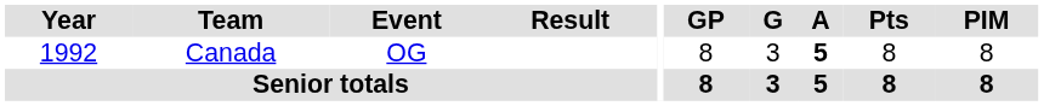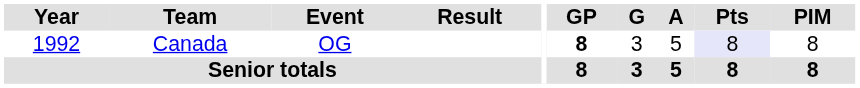 <table border="0" cellpadding="1" cellspacing="0" ID="Table3" style="text-align:center; width:40em">
 <tr ALIGN="center" bgcolor="#e0e0e0">
 <th>Year</th>
 <th>Team</th>
 <th>Event</th>
 <th>Result</th>
 <th rowspan="99" bgcolor="#ffffff"></th>
 <th>GP</th>
 <th>G</th>
 <th>A</th>
 <th>Pts</th>
 <th>PIM</th>
 </tr>
 <tr>
 <td><a href='#'>1992</a></td>
 <td><a href='#'>Canada</a></td>
 <td><a href='#'>OG</a></td>
 <td></td>
-<td>8</td>
+<td><strong>8</strong></td>
 <td>3</td>
-<td><strong>5</strong></td>
-<td>8</td>
+<td>5</td>
+<td style="background: lavender;">8</td>
 <td>8</td>
 </tr>
 <tr bgcolor="#e0e0e0">
 <th colspan="4">Senior totals</th>
 <th>8</th>
 <th>3</th>
 <th>5</th>
 <th>8</th>
 <th>8</th>
 </tr>
 </table>
